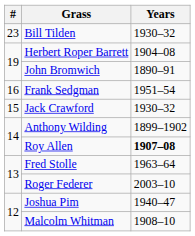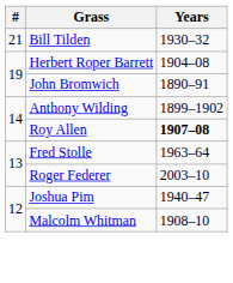 <table class=wikitable style="display:inline-table;">
 <tr>
 <th>#</th>
 <th>Grass</th>
 <th>Years</th>
 </tr>
 <tr>
-<td>23</td>
+<td>21</td>
 <td> <a href='#'>Bill Tilden</a></td>
 <td>1930–32</td>
 </tr>
 <tr>
 <td rowspan="2">19</td>
 <td> <a href='#'>Herbert Roper Barrett</a></td>
 <td>1904–08</td>
 </tr>
 <tr>
 <td> <a href='#'>John Bromwich</a></td>
 <td>1890–91</td>
-</tr>
-<tr>
-<td>16</td>
-<td> <a href='#'>Frank Sedgman</a></td>
-<td>1951–54</td>
-</tr>
-<tr>
-<td>15</td>
-<td> <a href='#'>Jack Crawford</a></td>
-<td>1930–32</td>
 </tr>
 <tr>
 <td rowspan="2">14</td>
 <td> <a href='#'>Anthony Wilding</a></td>
 <td>1899–1902</td>
 </tr>
 <tr>
 <td> <a href='#'>Roy Allen</a></td>
 <td><strong>1907–08</strong></td>
 </tr>
 <tr>
 <td rowspan="2">13</td>
 <td> <a href='#'>Fred Stolle</a></td>
 <td>1963–64</td>
 </tr>
 <tr>
 <td> <a href='#'>Roger Federer</a></td>
 <td>2003–10</td>
 </tr>
 <tr>
 <td rowspan="2">12</td>
 <td> <a href='#'>Joshua Pim</a></td>
 <td>1940–47</td>
 </tr>
 <tr>
 <td> <a href='#'>Malcolm Whitman</a></td>
 <td>1908–10</td>
 </tr>
 </table>
